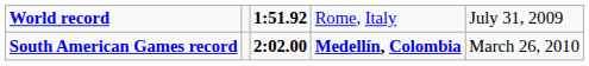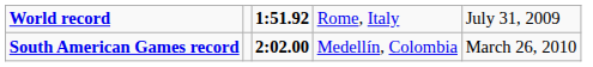 <table class="wikitable">
 <tr>
 <td><strong><a href='#'>World record</a></strong></td>
 <td></td>
 <td><strong>1:51.92</strong></td>
 <td><a href='#'>Rome</a>, <a href='#'>Italy</a></td>
 <td>July 31, 2009</td>
 </tr>
 <tr>
 <td><strong><a href='#'>South American Games record</a></strong></td>
 <td></td>
 <td><strong>2:02.00</strong></td>
-<td><strong><a href='#'>Medellín</a>, <a href='#'>Colombia</a></strong></td>
+<td><a href='#'>Medellín</a>, <a href='#'>Colombia</a></td>
 <td>March 26, 2010</td>
 </tr>
 </table>
